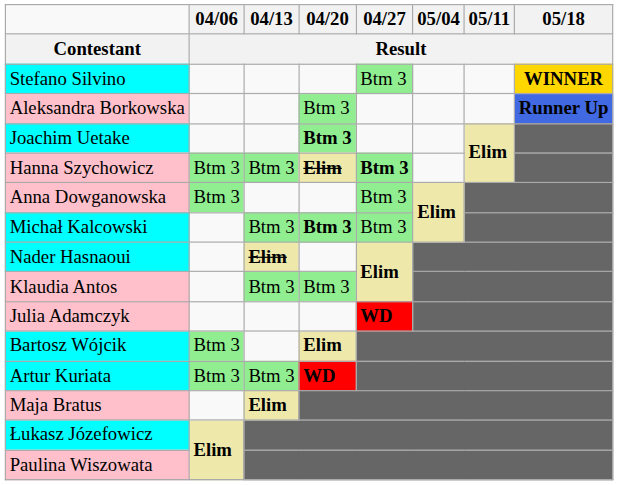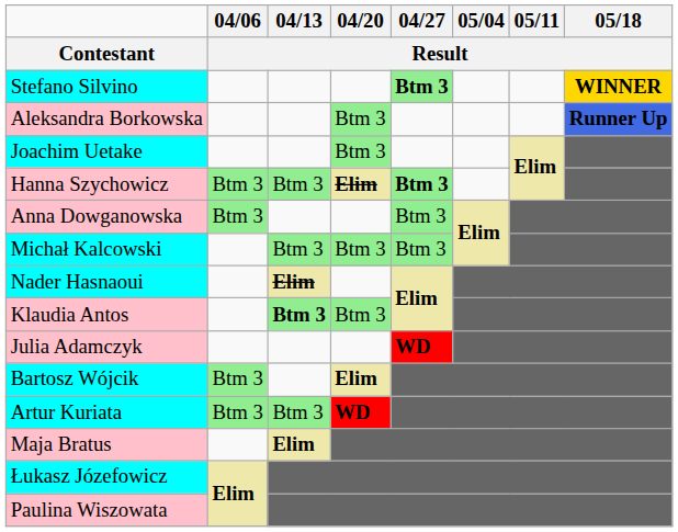 <table class="wikitable" style="margin:1em auto;">
 <tr>
 <td></td>
 <th>04/06</th>
 <th>04/13</th>
 <th>04/20</th>
 <th>04/27</th>
 <th>05/04</th>
 <th>05/11</th>
 <th>05/18</th>
 </tr>
 <tr>
 <th>Contestant</th>
 <th colspan="7" align="center">Result</th>
 </tr>
 <tr>
 <td style="background:cyan;">Stefano Silvino</td>
 <td></td>
 <td></td>
 <td></td>
-<td style="background:lightgreen;">Btm 3</td>
+<td style="background:lightgreen;"><strong>Btm 3</strong></td>
 <td></td>
 <td></td>
 <td bgcolor="gold" align="center"><strong>WINNER</strong></td>
 </tr>
 <tr>
 <td style="background:pink;">Aleksandra Borkowska</td>
 <td></td>
 <td></td>
 <td style="background:lightgreen;">Btm 3</td>
 <td></td>
 <td></td>
 <td></td>
 <td bgcolor="royalblue" align="center"><strong>Runner Up</strong></td>
 </tr>
 <tr>
 <td style="background:cyan;">Joachim Uetake</td>
 <td></td>
 <td></td>
-<td style="background:lightgreen;"><strong>Btm 3</strong></td>
+<td style="background:lightgreen;">Btm 3</td>
 <td></td>
 <td></td>
 <td rowspan="2" style="background:palegoldenrod;"><strong>Elim</strong></td>
 <td colspan="1" bgcolor="666666"></td>
 </tr>
 <tr>
 <td style="background:pink;">Hanna Szychowicz</td>
 <td style="background:lightgreen;">Btm 3</td>
 <td style="background:lightgreen;">Btm 3</td>
 <td bgcolor="palegoldenrod"><strong><s>Elim</s></strong></td>
 <td style="background:lightgreen;"><strong>Btm 3</strong></td>
 <td></td>
 <td colspan="1" bgcolor="666666"></td>
 </tr>
 <tr>
 <td style="background:pink;">Anna Dowganowska</td>
 <td style="background:lightgreen;">Btm 3</td>
 <td></td>
 <td></td>
 <td style="background:lightgreen;">Btm 3</td>
 <td rowspan="2" style="background:palegoldenrod;"><strong>Elim</strong></td>
 <td colspan="4" bgcolor="666666"></td>
 </tr>
 <tr>
 <td style="background:cyan;">Michał Kalcowski</td>
 <td></td>
 <td style="background:lightgreen;">Btm 3</td>
-<td style="background:lightgreen;"><strong>Btm 3</strong></td>
+<td style="background:lightgreen;">Btm 3</td>
 <td style="background:lightgreen;">Btm 3</td>
 <td colspan="4" bgcolor="666666"></td>
 </tr>
 <tr>
 <td style="background:cyan;">Nader Hasnaoui</td>
 <td></td>
 <td bgcolor="palegoldenrod"><strong><s>Elim</s></strong></td>
 <td></td>
 <td rowspan="2" style="background:palegoldenrod;"><strong>Elim</strong></td>
 <td colspan="5" bgcolor="666666"></td>
 </tr>
 <tr>
 <td style="background:pink;">Klaudia Antos</td>
 <td></td>
-<td style="background:lightgreen;">Btm 3</td>
+<td style="background:lightgreen;"><strong>Btm 3</strong></td>
 <td style="background:lightgreen;">Btm 3</td>
 <td colspan="5" bgcolor="666666"></td>
 </tr>
 <tr>
 <td style="background:pink;">Julia Adamczyk</td>
 <td></td>
 <td></td>
 <td></td>
 <td style="background:red;"><strong>WD</strong></td>
 <td colspan="5" bgcolor="666666"></td>
 </tr>
 <tr>
 <td style="background:cyan;">Bartosz Wójcik</td>
 <td style="background:lightgreen;">Btm 3</td>
 <td></td>
 <td style="background:palegoldenrod;"><strong>Elim</strong></td>
 <td colspan="6" bgcolor="666666"></td>
 </tr>
 <tr>
 <td style="background:cyan;">Artur Kuriata</td>
 <td style="background:lightgreen;">Btm 3</td>
 <td style="background:lightgreen;">Btm 3</td>
 <td style="background:red;"><strong>WD</strong></td>
 <td colspan="6" bgcolor="666666"></td>
 </tr>
 <tr>
 <td style="background:pink;">Maja Bratus</td>
 <td></td>
 <td rowspan="1" style="background:palegoldenrod;"><strong>Elim</strong></td>
 <td colspan="6" bgcolor="666666"></td>
 </tr>
 <tr>
 <td style="background:cyan;">Łukasz Józefowicz</td>
 <td rowspan="2" style="background:palegoldenrod;"><strong>Elim</strong></td>
 <td colspan="6" bgcolor="666666"></td>
 </tr>
 <tr>
 <td style="background:pink;">Paulina Wiszowata</td>
 <td colspan="6" bgcolor="666666"></td>
 </tr>
 <tr>
 </tr>
 </table>
